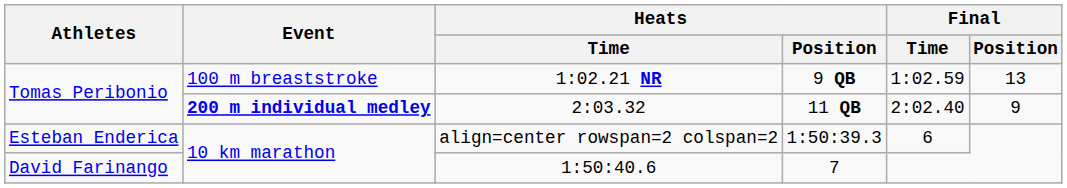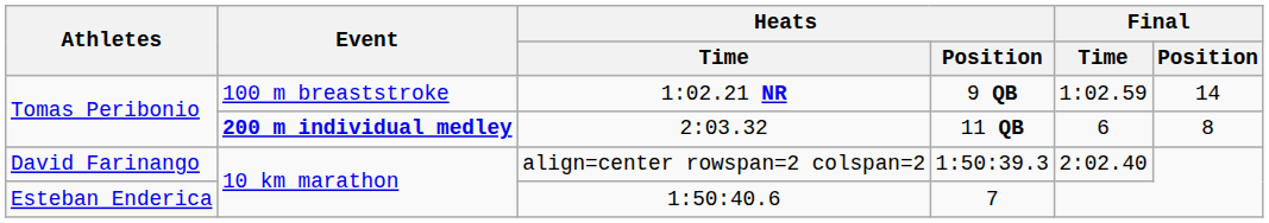 <table class="wikitable" border="1" style="font-size:90%">
 <tr>
 <th rowspan=2>Athletes</th>
 <th rowspan=2>Event</th>
 <th colspan=2>Heats</th>
 <th colspan=2>Final</th>
 </tr>
 <tr>
 <th>Time</th>
 <th>Position</th>
 <th>Time</th>
 <th>Position</th>
 </tr>
 <tr align=center>
 <td align=left rowspan=2><a href='#'>Tomas Peribonio</a></td>
 <td align=left><a href='#'>100 m breaststroke</a></td>
 <td>1:02.21 <strong><a href='#'>NR</a></strong></td>
 <td>9 <strong>QB</strong></td>
 <td>1:02.59</td>
-<td>13</td>
+<td>14</td>
 </tr>
 <tr align=center>
 <td align=left><strong><a href='#'>200 m individual medley</a></strong></td>
 <td>2:03.32</td>
 <td>11 <strong>QB</strong></td>
+<td>6</td>
+<td>8</td>
+</tr>
+<tr align=center>
+<td align=left><a href='#'>David Farinango</a></td>
+<td align=left rowspan=2><a href='#'>10 km marathon</a></td>
+<td>align=center rowspan=2 colspan=2 </td>
+<td>1:50:39.3</td>
 <td>2:02.40</td>
-<td>9</td>
 </tr>
 <tr align=center>
 <td align=left><a href='#'>Esteban Enderica</a></td>
-<td align=left rowspan=2><a href='#'>10 km marathon</a></td>
-<td>align=center rowspan=2 colspan=2 </td>
-<td>1:50:39.3</td>
-<td>6</td>
-</tr>
-<tr align=center>
-<td align=left><a href='#'>David Farinango</a></td>
 <td>1:50:40.6</td>
 <td>7</td>
 </tr>
 </table>
